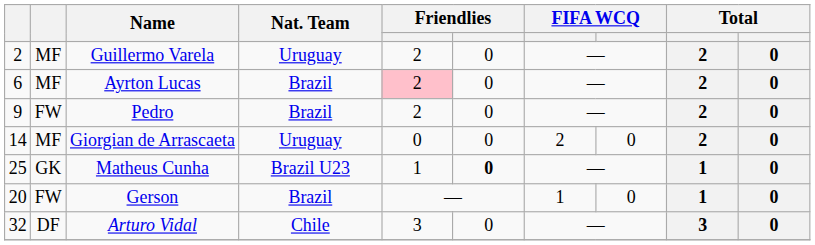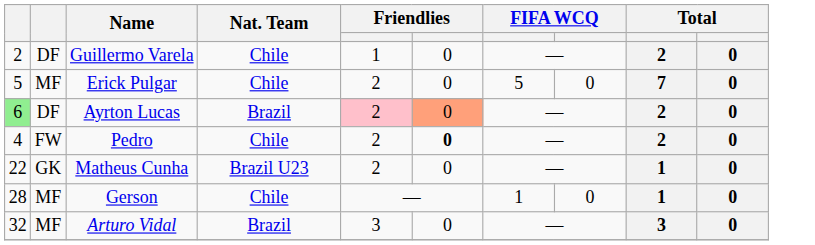 <table class="wikitable" style="text-align:center">
 <tr>
 <th rowspan="2"></th>
 <th rowspan="2"></th>
 <th rowspan="2">Name</th>
 <th rowspan="2" style="width:120px;">Nat. Team</th>
 <th colspan="2" style="width:120px;">Friendlies</th>
 <th colspan="2" style="width:120px;"><a href='#'>FIFA WCQ</a></th>
 <th colspan="2" style="width:120px;">Total</th>
 </tr>
 <tr>
 <th></th>
 <th></th>
 <th></th>
 <th></th>
 <th></th>
 <th></th>
 </tr>
 <tr>
 <td>2</td>
-<td>MF</td>
+<td>DF</td>
 <td><a href='#'>Guillermo Varela</a></td>
-<td> <a href='#'>Uruguay</a></td>
-<td>2</td>
+<td> <a href='#'>Chile</a></td>
+<td>1</td>
 <td>0</td>
 <td colspan="2">—</td>
 <th>2</th>
 <th>0</th>
 </tr>
 <tr>
-<td>6</td>
+<td>5</td>
 <td>MF</td>
+<td><a href='#'>Erick Pulgar</a></td>
+<td> <a href='#'>Chile</a></td>
+<td>2</td>
+<td>0</td>
+<td>5</td>
+<td>0</td>
+<th>7</th>
+<th>0</th>
+</tr>
+<tr>
+<td style="background: lightgreen;">6</td>
+<td>DF</td>
 <td><a href='#'>Ayrton Lucas</a></td>
 <td> <a href='#'>Brazil</a></td>
 <td style="background: pink;">2</td>
-<td>0</td>
+<td style="background: lightsalmon;">0</td>
 <td colspan="2">—</td>
 <th>2</th>
 <th>0</th>
 </tr>
 <tr>
-<td>9</td>
+<td>4</td>
 <td>FW</td>
 <td><a href='#'>Pedro</a></td>
-<td> <a href='#'>Brazil</a></td>
+<td> <a href='#'>Chile</a></td>
 <td>2</td>
-<td>0</td>
+<td><strong>0</strong></td>
 <td colspan="2">—</td>
 <th>2</th>
 <th>0</th>
 </tr>
 <tr>
-<td>14</td>
-<td>MF</td>
-<td><a href='#'>Giorgian de Arrascaeta</a></td>
-<td> <a href='#'>Uruguay</a></td>
-<td>0</td>
-<td>0</td>
-<td>2</td>
-<td>0</td>
-<th>2</th>
-<th>0</th>
-</tr>
-<tr>
-<td>25</td>
+<td>22</td>
 <td>GK</td>
 <td><a href='#'>Matheus Cunha</a></td>
 <td> <a href='#'>Brazil U23</a></td>
-<td>1</td>
-<td><strong>0</strong></td>
+<td>2</td>
+<td>0</td>
 <td colspan="2">—</td>
 <th>1</th>
 <th>0</th>
 </tr>
 <tr>
-<td>20</td>
-<td>FW</td>
+<td>28</td>
+<td>MF</td>
 <td><a href='#'>Gerson</a></td>
-<td> <a href='#'>Brazil</a></td>
+<td> <a href='#'>Chile</a></td>
 <td colspan="2">—</td>
 <td>1</td>
 <td>0</td>
 <th>1</th>
 <th>0</th>
 </tr>
 <tr>
 <td>32</td>
-<td>DF</td>
+<td>MF</td>
 <td><em><a href='#'>Arturo Vidal</a></em></td>
-<td> <a href='#'>Chile</a></td>
+<td> <a href='#'>Brazil</a></td>
 <td>3</td>
 <td>0</td>
 <td colspan="2">—</td>
 <th>3</th>
 <th>0</th>
 </tr>
 <tr>
 </tr>
 </table>
